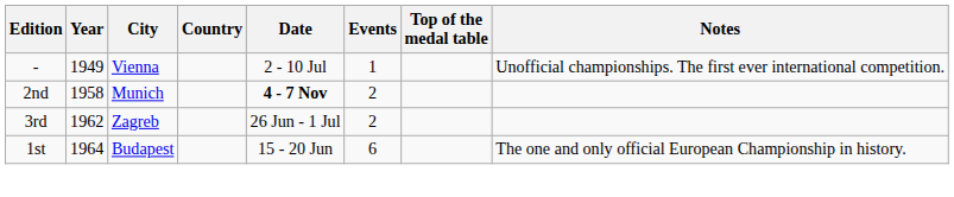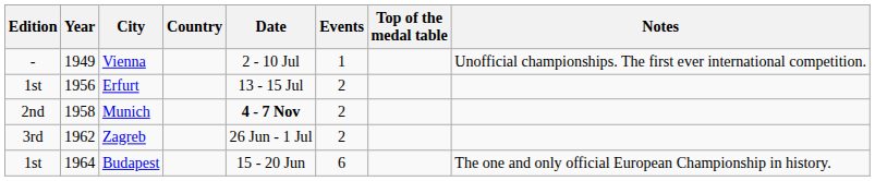 <table class="wikitable sortable" style="text-align:left; font-size:90%;">
 <tr>
 <th>Edition</th>
 <th>Year</th>
 <th>City</th>
 <th>Country</th>
 <th>Date</th>
 <th>Events</th>
 <th>Top of the<br>medal table</th>
 <th>Notes</th>
 </tr>
 <tr>
 <td align=center>-</td>
 <td align=center>1949</td>
 <td><a href='#'>Vienna</a></td>
 <td></td>
 <td align=center>2 - 10 Jul</td>
 <td align=center>1</td>
 <td></td>
 <td>Unofficial championships. The first ever international competition.</td>
+</tr>
+<tr>
+<td align=center>1st</td>
+<td align=center>1956</td>
+<td><a href='#'>Erfurt</a></td>
+<td></td>
+<td align=center>13 - 15 Jul</td>
+<td align=center>2</td>
+<td></td>
+<td></td>
 </tr>
 <tr>
 <td align=center>2nd</td>
 <td align=center>1958</td>
 <td><a href='#'>Munich</a></td>
 <td></td>
 <td align=center><strong>4 - 7 Nov</strong></td>
 <td align=center>2</td>
 <td></td>
 <td></td>
 </tr>
 <tr>
 <td align=center>3rd</td>
 <td align=center>1962</td>
 <td><a href='#'>Zagreb</a></td>
 <td></td>
 <td align=center>26 Jun - 1 Jul</td>
 <td align=center>2</td>
 <td></td>
 <td></td>
 </tr>
 <tr>
 <td align=center>1st</td>
 <td align=center>1964</td>
 <td><a href='#'>Budapest</a></td>
 <td></td>
 <td align=center>15 - 20 Jun</td>
 <td align=center>6</td>
 <td></td>
 <td>The one and only official European Championship in history.</td>
 </tr>
 </table>
